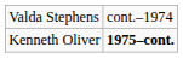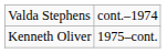 <table class="wikitable">
 <tr>
 <td>Valda Stephens</td>
 <td>cont.–1974</td>
 </tr>
 <tr>
 <td>Kenneth Oliver</td>
-<td><strong>1975–cont.</strong></td>
+<td>1975–cont.</td>
 </tr>
 </table>
